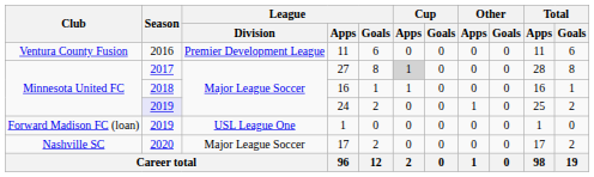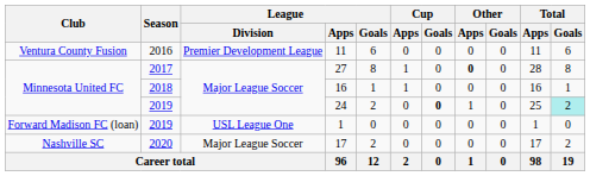 <table class="wikitable" style="text-align: center;">
 <tr>
 <th rowspan="2">Club</th>
 <th rowspan="2">Season</th>
 <th colspan="3">League</th>
 <th colspan="2">Cup</th>
 <th colspan="2">Other</th>
 <th colspan="2">Total</th>
 </tr>
 <tr>
 <th>Division</th>
 <th>Apps</th>
 <th>Goals</th>
 <th>Apps</th>
 <th>Goals</th>
 <th>Apps</th>
 <th>Goals</th>
 <th>Apps</th>
 <th>Goals</th>
 </tr>
 <tr>
 <td><a href='#'>Ventura County Fusion</a></td>
 <td>2016</td>
 <td><a href='#'>Premier Development League</a></td>
 <td>11</td>
 <td>6</td>
 <td>0</td>
 <td>0</td>
 <td>0</td>
 <td>0</td>
 <td>11</td>
 <td>6</td>
 </tr>
 <tr>
 <td rowspan="3"><a href='#'>Minnesota United FC</a></td>
 <td><a href='#'>2017</a></td>
 <td rowspan="3"><a href='#'>Major League Soccer</a></td>
 <td>27</td>
 <td>8</td>
-<td style="background: lightgrey;">1</td>
+<td>1</td>
 <td>0</td>
-<td>0</td>
+<td><strong>0</strong></td>
 <td>0</td>
 <td>28</td>
 <td>8</td>
 </tr>
 <tr>
 <td><a href='#'>2018</a></td>
 <td>16</td>
 <td>1</td>
 <td>1</td>
 <td>0</td>
 <td>0</td>
 <td>0</td>
 <td>16</td>
 <td>1</td>
 </tr>
 <tr>
-<td style="background: lavender;"><a href='#'>2019</a></td>
+<td><a href='#'>2019</a></td>
 <td>24</td>
 <td>2</td>
 <td>0</td>
-<td>0</td>
+<td><strong>0</strong></td>
 <td>1</td>
 <td>0</td>
 <td>25</td>
-<td>2</td>
+<td style="background: paleturquoise;">2</td>
 </tr>
 <tr>
 <td><a href='#'>Forward Madison FC</a> (loan)</td>
 <td><a href='#'>2019</a></td>
 <td><a href='#'>USL League One</a></td>
 <td>1</td>
 <td>0</td>
 <td>0</td>
 <td>0</td>
 <td>0</td>
 <td>0</td>
 <td>1</td>
 <td>0</td>
 </tr>
 <tr>
 <td><a href='#'>Nashville SC</a></td>
 <td><a href='#'>2020</a></td>
 <td>Major League Soccer</td>
 <td>17</td>
 <td>2</td>
 <td>0</td>
 <td>0</td>
 <td>0</td>
 <td>0</td>
 <td>17</td>
 <td>2</td>
 </tr>
 <tr>
 <th colspan="3">Career total</th>
 <th>96</th>
 <th>12</th>
 <th>2</th>
 <th>0</th>
 <th>1</th>
 <th>0</th>
 <th>98</th>
 <th>19</th>
 </tr>
 </table>
